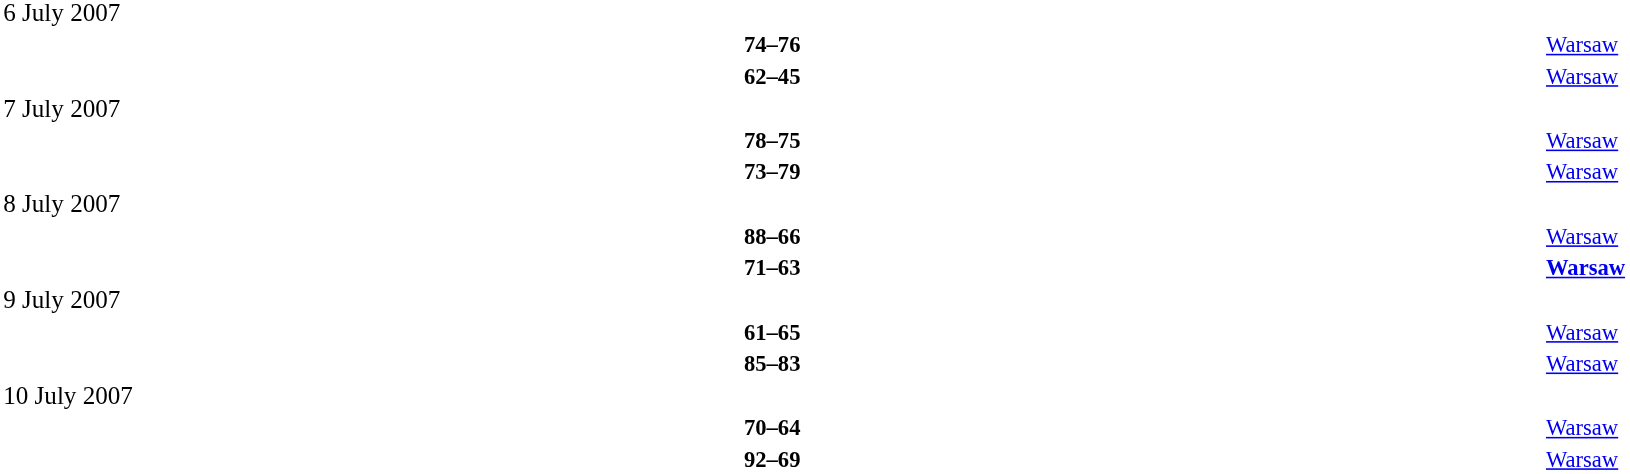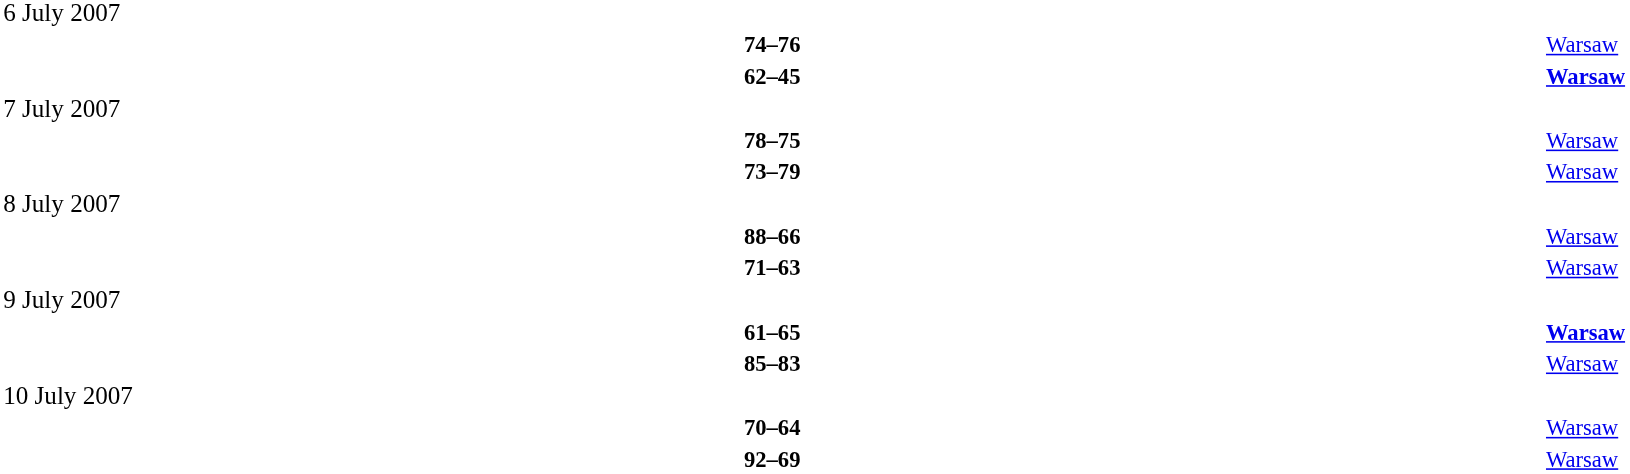 <table style="width:100%;" cellspacing="1">
 <tr>
 <th width=25%></th>
 <th width=3%></th>
 <th width=6%></th>
 <th width=3%></th>
 <th width=25%></th>
 </tr>
 <tr>
 <td>6 July 2007</td>
 </tr>
 <tr style=font-size:90%>
 <td align=right><strong></strong></td>
 <td></td>
 <td align=center><strong>74–76</strong></td>
 <td></td>
 <td><strong></strong></td>
 <td><a href='#'>Warsaw</a></td>
 </tr>
 <tr style=font-size:90%>
 <td align=right><strong></strong></td>
 <td></td>
 <td align=center><strong>62–45</strong></td>
 <td></td>
 <td><strong></strong></td>
-<td><a href='#'>Warsaw</a></td>
+<td><strong><a href='#'>Warsaw</a></strong></td>
 </tr>
 <tr>
 <td>7 July 2007</td>
 </tr>
 <tr style=font-size:90%>
 <td align=right><strong></strong></td>
 <td></td>
 <td align=center><strong>78–75</strong></td>
 <td></td>
 <td><strong></strong></td>
 <td><a href='#'>Warsaw</a></td>
 </tr>
 <tr style=font-size:90%>
 <td align=right><strong></strong></td>
 <td></td>
 <td align=center><strong>73–79</strong></td>
 <td></td>
 <td><strong></strong></td>
 <td><a href='#'>Warsaw</a></td>
 </tr>
 <tr>
 <td>8 July 2007</td>
 </tr>
 <tr style=font-size:90%>
 <td align=right><strong></strong></td>
 <td></td>
 <td align=center><strong>88–66</strong></td>
 <td></td>
 <td><strong></strong></td>
 <td><a href='#'>Warsaw</a></td>
 </tr>
 <tr style=font-size:90%>
 <td align=right><strong></strong></td>
 <td></td>
 <td align=center><strong>71–63</strong></td>
 <td></td>
 <td><strong></strong></td>
-<td><strong><a href='#'>Warsaw</a></strong></td>
+<td><a href='#'>Warsaw</a></td>
 </tr>
 <tr>
 <td>9 July 2007</td>
 </tr>
 <tr style=font-size:90%>
 <td align=right><strong></strong></td>
 <td></td>
 <td align=center><strong>61–65</strong></td>
 <td></td>
 <td><strong></strong></td>
-<td><a href='#'>Warsaw</a></td>
+<td><strong><a href='#'>Warsaw</a></strong></td>
 </tr>
 <tr style=font-size:90%>
 <td align=right><strong></strong></td>
 <td></td>
 <td align=center><strong>85–83</strong></td>
 <td></td>
 <td><strong></strong></td>
 <td><a href='#'>Warsaw</a></td>
 </tr>
 <tr>
 <td>10 July 2007</td>
 </tr>
 <tr style=font-size:90%>
 <td align=right><strong></strong></td>
 <td></td>
 <td align=center><strong>70–64</strong></td>
 <td></td>
 <td><strong></strong></td>
 <td><a href='#'>Warsaw</a></td>
 </tr>
 <tr style=font-size:90%>
 <td align=right><strong></strong></td>
 <td></td>
 <td align=center><strong>92–69</strong></td>
 <td></td>
 <td><strong></strong></td>
 <td><a href='#'>Warsaw</a></td>
 </tr>
 </table>
